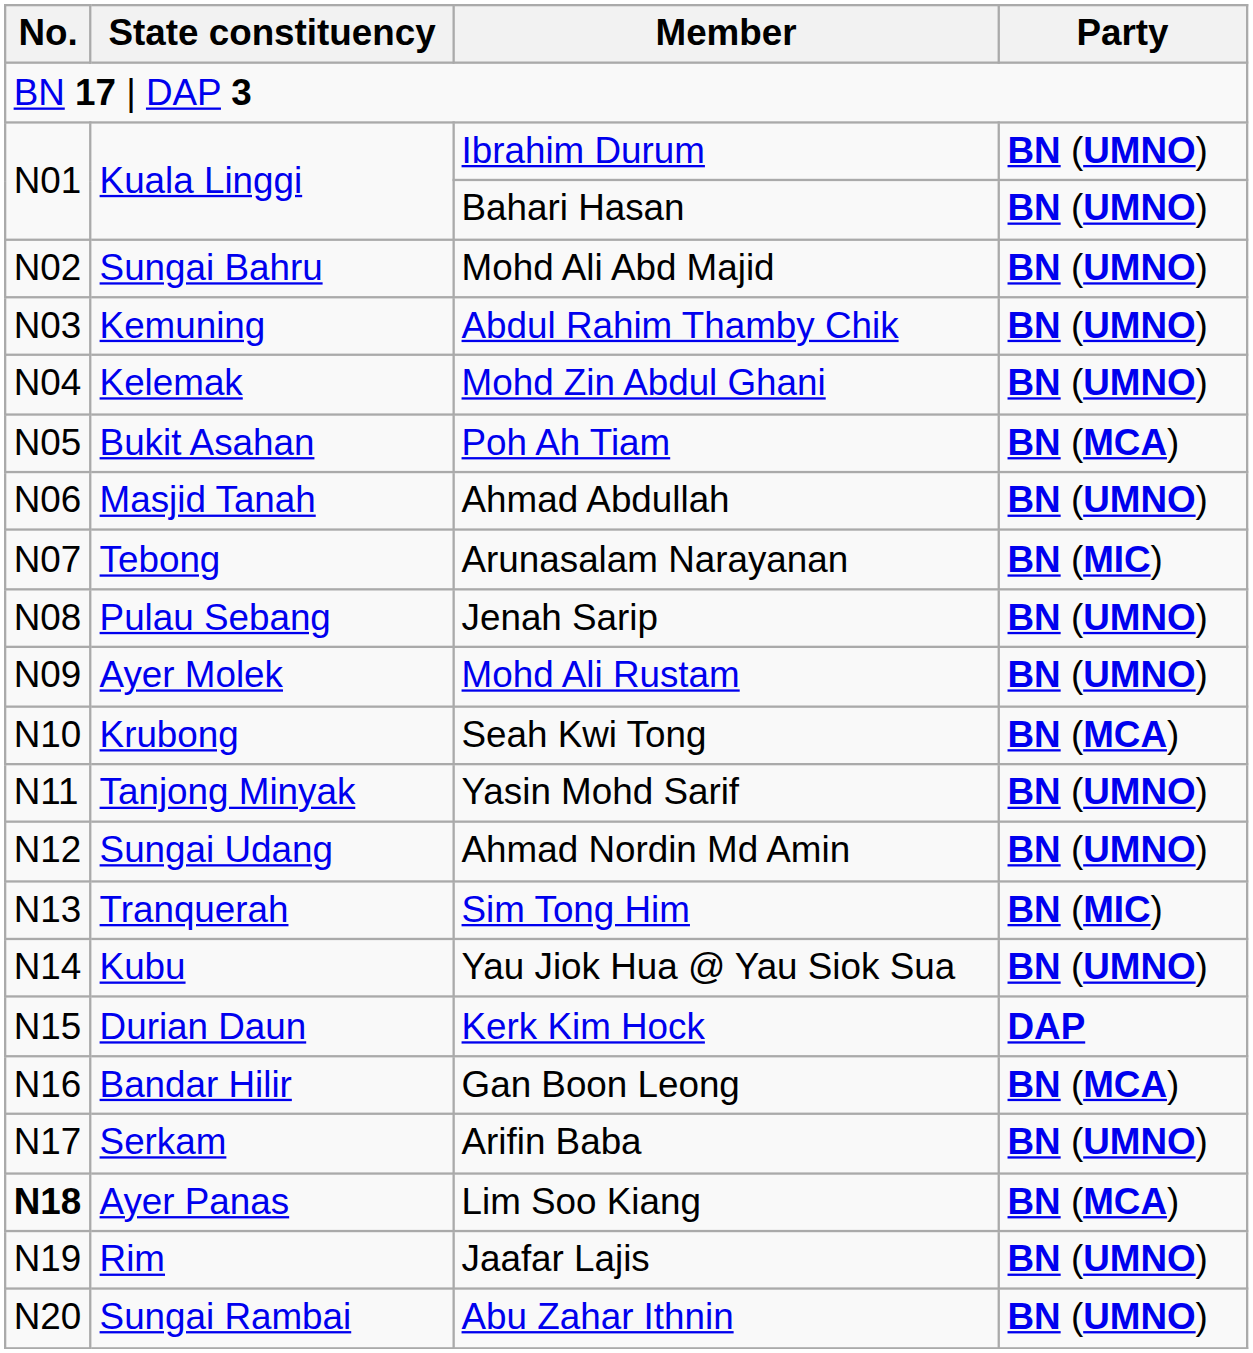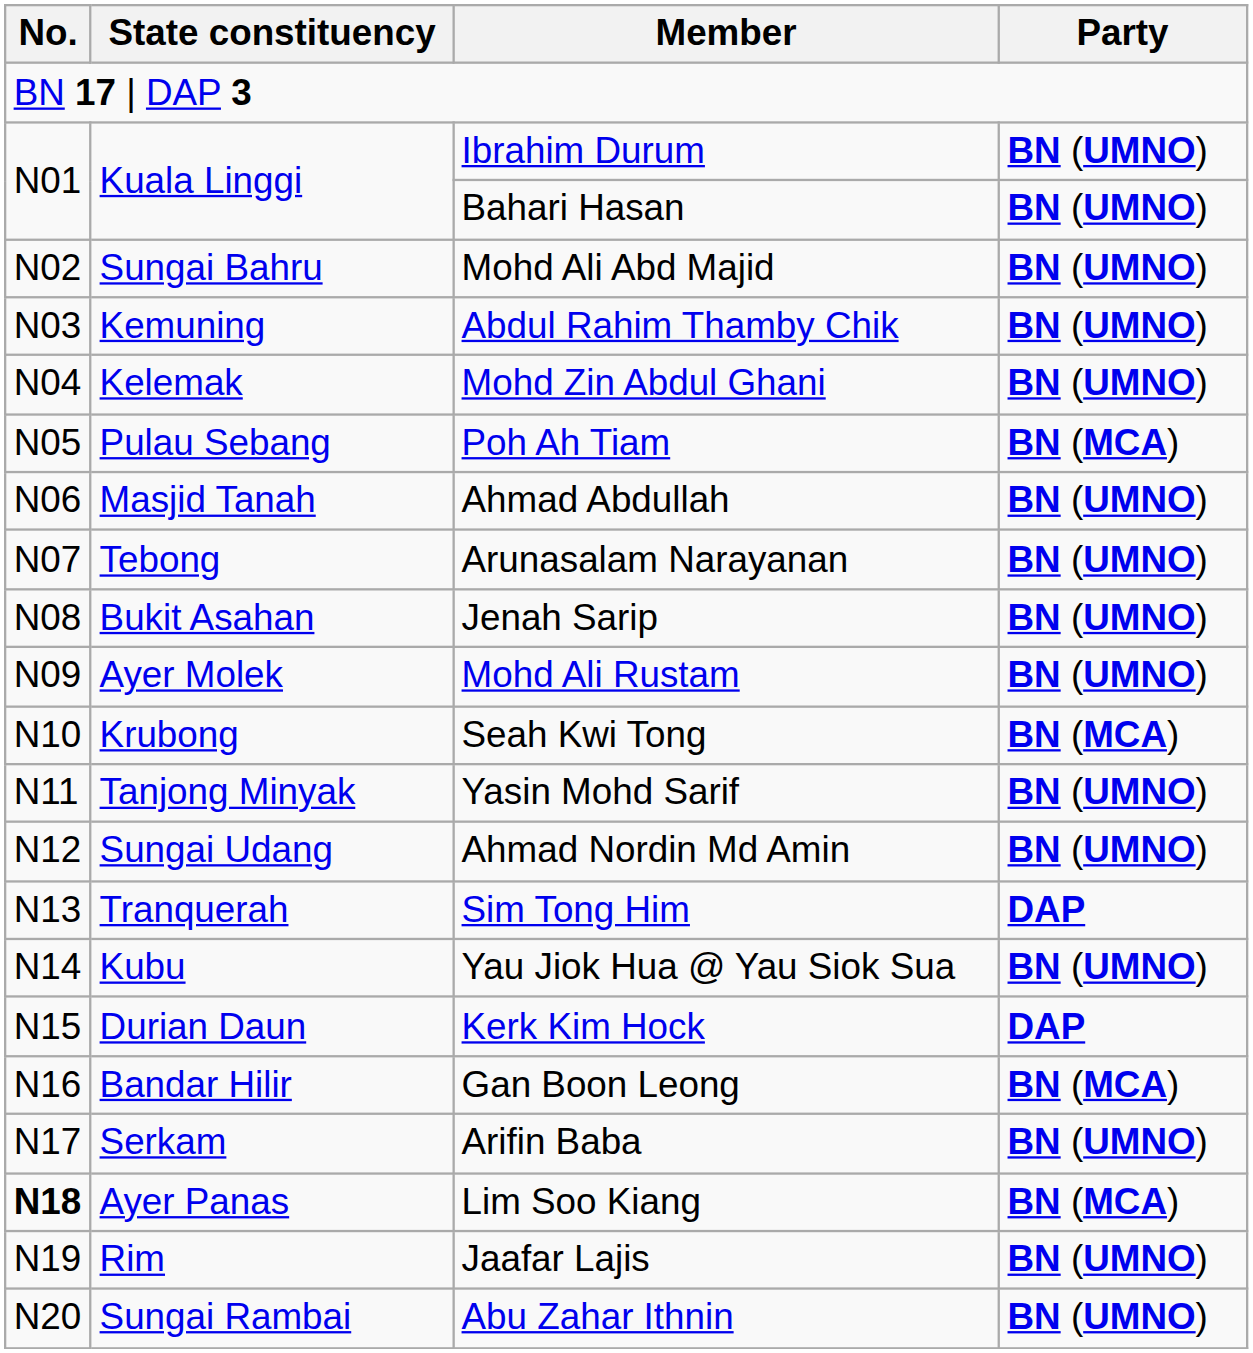 <table class="wikitable sortable">
 <tr>
 <th style="width:30px;">No.</th>
 <th style="width:150px;">State constituency</th>
 <th style="width:230px;">Member</th>
 <th style="width:100px;">Party</th>
 </tr>
 <tr>
 <td colspan="4"><a href='#'>BN</a> <strong>17</strong> | <a href='#'>DAP</a> <strong>3</strong></td>
 </tr>
 <tr>
 <td rowspan=2>N01</td>
 <td rowspan=2><a href='#'>Kuala Linggi</a></td>
 <td><a href='#'>Ibrahim Durum</a> </td>
 <td><strong><a href='#'>BN</a></strong> (<strong><a href='#'>UMNO</a></strong>)</td>
 </tr>
 <tr>
 <td>Bahari Hasan </td>
 <td><strong><a href='#'>BN</a></strong> (<strong><a href='#'>UMNO</a></strong>)</td>
 </tr>
 <tr>
 <td>N02</td>
 <td><a href='#'>Sungai Bahru</a></td>
 <td>Mohd Ali Abd Majid</td>
 <td><strong><a href='#'>BN</a></strong> (<strong><a href='#'>UMNO</a></strong>)</td>
 </tr>
 <tr>
 <td>N03</td>
 <td><a href='#'>Kemuning</a></td>
 <td><a href='#'>Abdul Rahim Thamby Chik</a></td>
 <td><strong><a href='#'>BN</a></strong> (<strong><a href='#'>UMNO</a></strong>)</td>
 </tr>
 <tr>
 <td>N04</td>
 <td><a href='#'>Kelemak</a></td>
 <td><a href='#'>Mohd Zin Abdul Ghani</a></td>
 <td><strong><a href='#'>BN</a></strong> (<strong><a href='#'>UMNO</a></strong>)</td>
 </tr>
 <tr>
 <td>N05</td>
-<td><a href='#'>Bukit Asahan</a></td>
+<td><a href='#'>Pulau Sebang</a></td>
 <td><a href='#'>Poh Ah Tiam</a></td>
 <td><strong><a href='#'>BN</a></strong> (<strong><a href='#'>MCA</a></strong>)</td>
 </tr>
 <tr>
 <td>N06</td>
 <td><a href='#'>Masjid Tanah</a></td>
 <td>Ahmad Abdullah</td>
 <td><strong><a href='#'>BN</a></strong> (<strong><a href='#'>UMNO</a></strong>)</td>
 </tr>
 <tr>
 <td>N07</td>
 <td><a href='#'>Tebong</a></td>
 <td>Arunasalam Narayanan</td>
-<td><strong><a href='#'>BN</a></strong> (<strong><a href='#'>MIC</a></strong>)</td>
+<td><strong><a href='#'>BN</a></strong> (<strong><a href='#'>UMNO</a></strong>)</td>
 </tr>
 <tr>
 <td>N08</td>
-<td><a href='#'>Pulau Sebang</a></td>
+<td><a href='#'>Bukit Asahan</a></td>
 <td>Jenah Sarip</td>
 <td><strong><a href='#'>BN</a></strong> (<strong><a href='#'>UMNO</a></strong>)</td>
 </tr>
 <tr>
 <td>N09</td>
 <td><a href='#'>Ayer Molek</a></td>
 <td><a href='#'>Mohd Ali Rustam</a></td>
 <td><strong><a href='#'>BN</a></strong> (<strong><a href='#'>UMNO</a></strong>)</td>
 </tr>
 <tr>
 <td>N10</td>
 <td><a href='#'>Krubong</a></td>
 <td>Seah Kwi Tong</td>
 <td><strong><a href='#'>BN</a></strong> (<strong><a href='#'>MCA</a></strong>)</td>
 </tr>
 <tr>
 <td>N11</td>
 <td><a href='#'>Tanjong Minyak</a></td>
 <td>Yasin Mohd Sarif</td>
 <td><strong><a href='#'>BN</a></strong> (<strong><a href='#'>UMNO</a></strong>)</td>
 </tr>
 <tr>
 <td>N12</td>
 <td><a href='#'>Sungai Udang</a></td>
 <td>Ahmad Nordin Md Amin</td>
 <td><strong><a href='#'>BN</a></strong> (<strong><a href='#'>UMNO</a></strong>)</td>
 </tr>
 <tr>
 <td>N13</td>
 <td><a href='#'>Tranquerah</a></td>
 <td><a href='#'>Sim Tong Him</a></td>
-<td><strong><a href='#'>BN</a></strong> (<strong><a href='#'>MIC</a></strong>)</td>
+<td><strong><a href='#'>DAP</a></strong></td>
 </tr>
 <tr>
 <td>N14</td>
 <td><a href='#'>Kubu</a></td>
 <td>Yau Jiok Hua @ Yau Siok Sua</td>
 <td><strong><a href='#'>BN</a></strong> (<strong><a href='#'>UMNO</a></strong>)</td>
 </tr>
 <tr>
 <td>N15</td>
 <td><a href='#'>Durian Daun</a></td>
 <td><a href='#'>Kerk Kim Hock</a></td>
 <td><strong><a href='#'>DAP</a></strong></td>
 </tr>
 <tr>
 <td>N16</td>
 <td><a href='#'>Bandar Hilir</a></td>
 <td>Gan Boon Leong</td>
 <td><strong><a href='#'>BN</a></strong> (<strong><a href='#'>MCA</a></strong>)</td>
 </tr>
 <tr>
 <td>N17</td>
 <td><a href='#'>Serkam</a></td>
 <td>Arifin Baba</td>
 <td><strong><a href='#'>BN</a></strong> (<strong><a href='#'>UMNO</a></strong>)</td>
 </tr>
 <tr>
 <td><strong>N18</strong></td>
 <td><a href='#'>Ayer Panas</a></td>
 <td>Lim Soo Kiang</td>
 <td><strong><a href='#'>BN</a></strong> (<strong><a href='#'>MCA</a></strong>)</td>
 </tr>
 <tr>
 <td>N19</td>
 <td><a href='#'>Rim</a></td>
 <td>Jaafar Lajis</td>
 <td><strong><a href='#'>BN</a></strong> (<strong><a href='#'>UMNO</a></strong>)</td>
 </tr>
 <tr>
 <td>N20</td>
 <td><a href='#'>Sungai Rambai</a></td>
 <td><a href='#'>Abu Zahar Ithnin</a></td>
 <td><strong><a href='#'>BN</a></strong> (<strong><a href='#'>UMNO</a></strong>)</td>
 </tr>
 </table>
